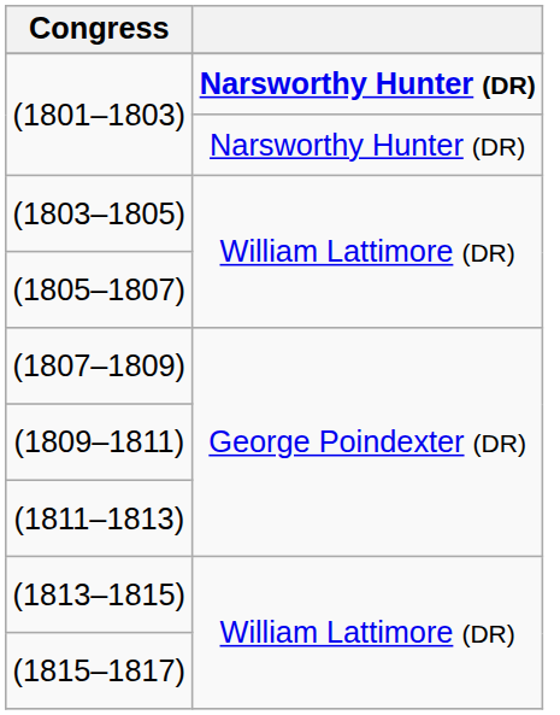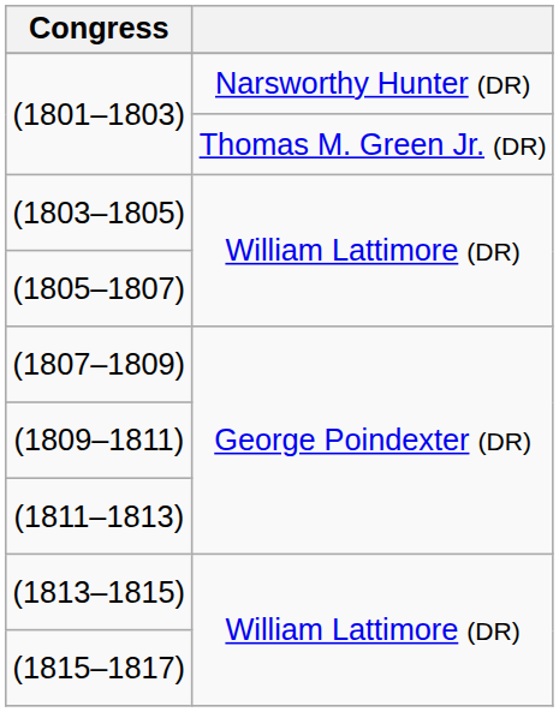 <table class=wikitable style=text-align:center>
 <tr>
 <th>Congress</th>
 <th></th>
 </tr>
 <tr>
 </tr>
 <tr style="height:2em">
 <td rowspan=2><strong></strong> (1801–1803)</td>
-<td><strong><a href='#'>Narsworthy Hunter</a> <small>(DR)</small></strong></td>
+<td><a href='#'>Narsworthy Hunter</a> <small>(DR)</small></td>
 </tr>
 <tr style="height:2em">
-<td><a href='#'>Narsworthy Hunter</a> <small>(DR)</small></td>
+<td><a href='#'>Thomas M. Green Jr.</a> <small>(DR)</small></td>
 </tr>
 <tr style="height:2.5em">
 <td><strong></strong> (1803–1805)</td>
 <td rowspan=2 ><a href='#'>William Lattimore</a> <small>(DR)</small></td>
 </tr>
 <tr style="height:2.5em">
 <td><strong></strong> (1805–1807)</td>
 </tr>
 <tr style="height:2.5em">
 <td><strong></strong> (1807–1809)</td>
 <td rowspan=3 ><a href='#'>George Poindexter</a> <small>(DR)</small></td>
 </tr>
 <tr style="height:2.5em">
 <td><strong></strong> (1809–1811)</td>
 </tr>
 <tr style="height:2.5em">
 <td><strong></strong> (1811–1813)</td>
 </tr>
 <tr style="height:2.5em">
 <td><strong></strong> (1813–1815)</td>
 <td rowspan=2 ><a href='#'>William Lattimore</a> <small>(DR)</small></td>
 </tr>
 <tr style="height:2.5em">
 <td><strong></strong> (1815–1817)</td>
 </tr>
 </table>
